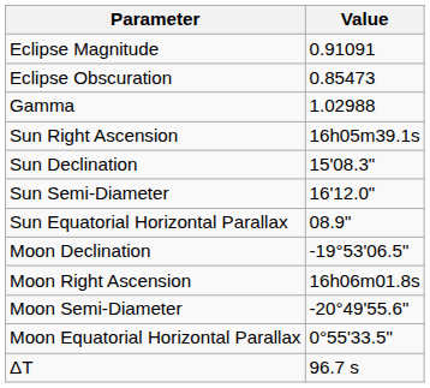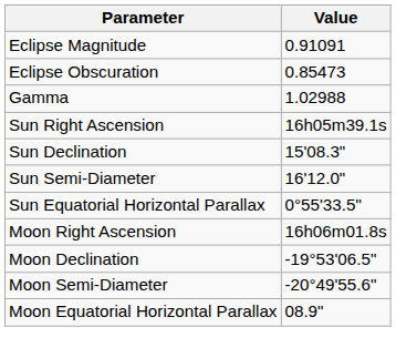 <table class="wikitable">
 <tr>
 <th>Parameter</th>
 <th>Value</th>
 </tr>
 <tr>
 <td>Eclipse Magnitude</td>
 <td>0.91091</td>
 </tr>
 <tr>
 <td>Eclipse Obscuration</td>
 <td>0.85473</td>
 </tr>
 <tr>
 <td>Gamma</td>
 <td>1.02988</td>
 </tr>
 <tr>
 <td>Sun Right Ascension</td>
 <td>16h05m39.1s</td>
 </tr>
 <tr>
 <td>Sun Declination</td>
 <td>15'08.3"</td>
 </tr>
 <tr>
 <td>Sun Semi-Diameter</td>
 <td>16'12.0"</td>
 </tr>
 <tr>
 <td>Sun Equatorial Horizontal Parallax</td>
-<td>08.9"</td>
+<td>0°55'33.5"</td>
+</tr>
+<tr>
+<td>Moon Right Ascension</td>
+<td>16h06m01.8s</td>
 </tr>
 <tr>
 <td>Moon Declination</td>
 <td>-19°53'06.5"</td>
-</tr>
-<tr>
-<td>Moon Right Ascension</td>
-<td>16h06m01.8s</td>
 </tr>
 <tr>
 <td>Moon Semi-Diameter</td>
 <td>-20°49'55.6"</td>
 </tr>
 <tr>
 <td>Moon Equatorial Horizontal Parallax</td>
-<td>0°55'33.5"</td>
-</tr>
-<tr>
-<td>ΔT</td>
-<td>96.7 s</td>
+<td>08.9"</td>
 </tr>
 </table>
